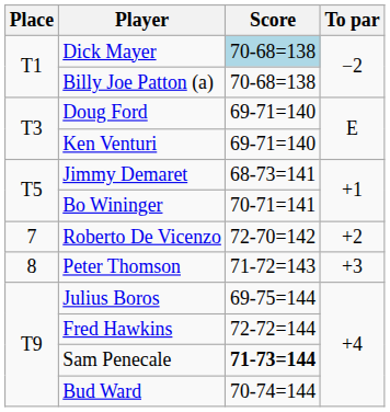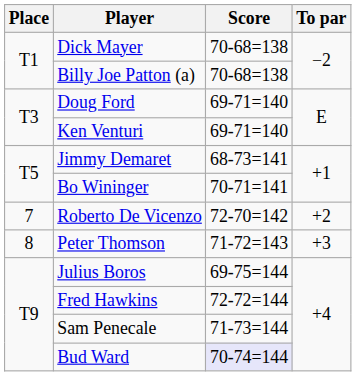 <table class=wikitable>
 <tr>
 <th>Place</th>
 <th>Player</th>
 <th>Score</th>
 <th>To par</th>
 </tr>
 <tr>
 <td align=center rowspan=2>T1</td>
 <td> <a href='#'>Dick Mayer</a></td>
-<td style="background: lightblue;">70-68=138</td>
+<td>70-68=138</td>
 <td rowspan=2 align=center>−2</td>
 </tr>
 <tr>
 <td> <a href='#'>Billy Joe Patton</a> (a)</td>
 <td>70-68=138</td>
 </tr>
 <tr>
 <td rowspan=2 align=center>T3</td>
 <td> <a href='#'>Doug Ford</a></td>
 <td>69-71=140</td>
 <td rowspan=2 align=center>E</td>
 </tr>
 <tr>
 <td> <a href='#'>Ken Venturi</a></td>
 <td>69-71=140</td>
 </tr>
 <tr>
 <td rowspan=2 align=center>T5</td>
 <td> <a href='#'>Jimmy Demaret</a></td>
 <td>68-73=141</td>
 <td rowspan=2 align=center>+1</td>
 </tr>
 <tr>
 <td> <a href='#'>Bo Wininger</a></td>
 <td>70-71=141</td>
 </tr>
 <tr>
 <td align=center>7</td>
 <td> <a href='#'>Roberto De Vicenzo</a></td>
 <td>72-70=142</td>
 <td align=center>+2</td>
 </tr>
 <tr>
 <td align=center>8</td>
 <td> <a href='#'>Peter Thomson</a></td>
 <td>71-72=143</td>
 <td align=center>+3</td>
 </tr>
 <tr>
 <td rowspan=4 align=center>T9</td>
 <td> <a href='#'>Julius Boros</a></td>
 <td>69-75=144</td>
 <td rowspan=4 align=center>+4</td>
 </tr>
 <tr>
 <td> <a href='#'>Fred Hawkins</a></td>
 <td>72-72=144</td>
 </tr>
 <tr>
 <td> Sam Penecale</td>
-<td><strong>71-73=144</strong></td>
+<td>71-73=144</td>
 </tr>
 <tr>
 <td> <a href='#'>Bud Ward</a></td>
-<td>70-74=144</td>
+<td style="background: lavender;">70-74=144</td>
 </tr>
 </table>
